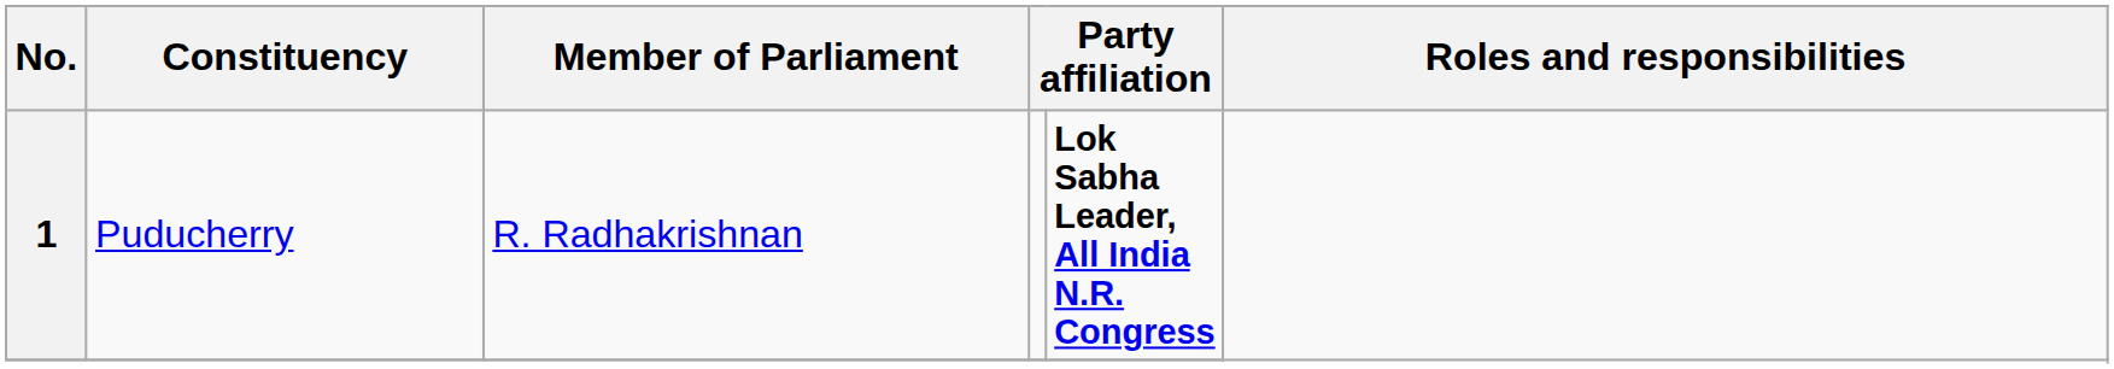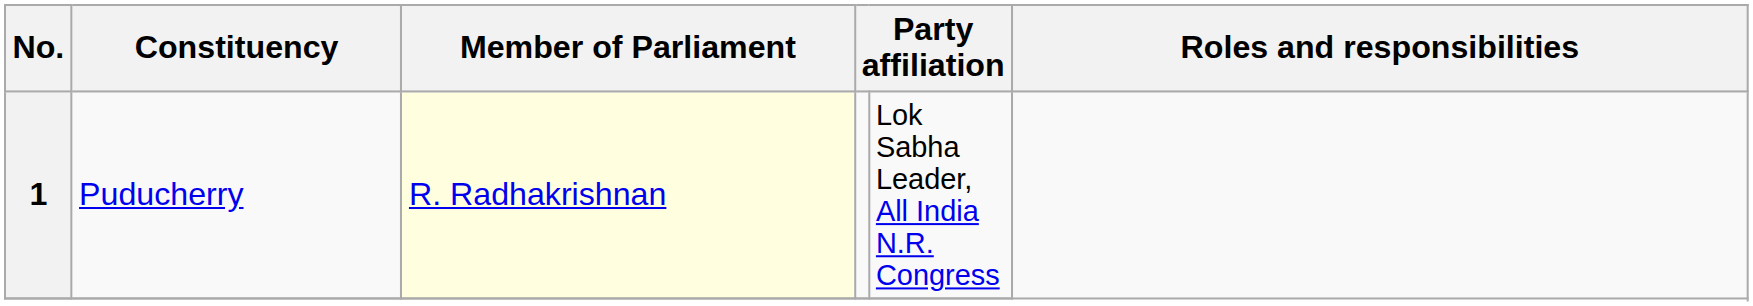 <table class="wikitable">
 <tr style="text-align:center;">
 <th>No.</th>
 <th style="width:12em">Constituency</th>
 <th style="width:18em">Member of Parliament</th>
 <th colspan="2" style="width:18em">Party affiliation</th>
 <th style="width:32em">Roles and responsibilities</th>
 </tr>
 <tr>
 <th>1</th>
 <td><a href='#'>Puducherry</a></td>
-<td><a href='#'>R. Radhakrishnan</a></td>
+<td style="background: lightyellow;"><a href='#'>R. Radhakrishnan</a></td>
 <td></td>
-<td style="font-size:90%"><strong>Lok Sabha Leader, <a href='#'>All India N.R. Congress</a></strong></td>
+<td style="font-size:90%">Lok Sabha Leader, <a href='#'>All India N.R. Congress</a></td>
 </tr>
 <tr>
 </tr>
 </table>
